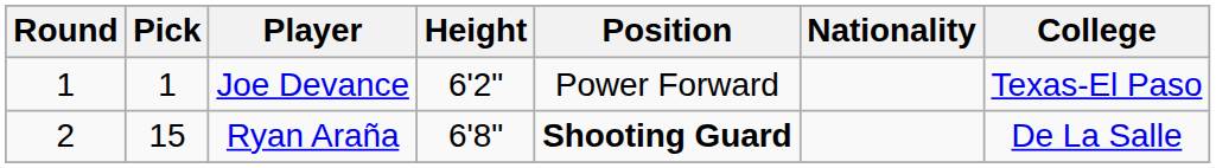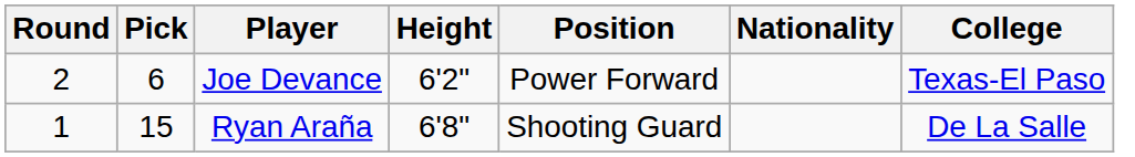 <table class="wikitable sortable sortable">
 <tr>
 <th>Round</th>
 <th>Pick</th>
 <th>Player</th>
 <th>Height</th>
 <th>Position</th>
 <th>Nationality</th>
 <th>College</th>
 </tr>
 <tr style="text-align: center">
-<td>1</td>
-<td>1</td>
+<td>2</td>
+<td>6</td>
 <td><a href='#'>Joe Devance</a></td>
 <td>6'2"</td>
 <td>Power Forward</td>
 <td></td>
 <td><a href='#'>Texas-El Paso</a></td>
 </tr>
 <tr style="text-align: center">
-<td>2</td>
+<td>1</td>
 <td>15</td>
 <td><a href='#'>Ryan Araña</a></td>
 <td>6'8"</td>
-<td><strong>Shooting Guard</strong></td>
+<td>Shooting Guard</td>
 <td></td>
 <td><a href='#'>De La Salle</a></td>
 </tr>
 </table>
